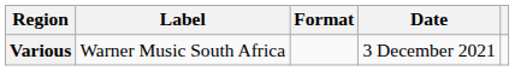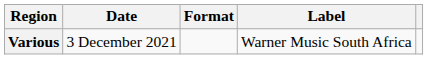 <table class="wikitable plainrowheaders">
 <tr>
 <th scope="col">Region</th>
+<th scope="col">Date</th>
+<th scope="col">Format</th>
 <th scope="col">Label</th>
-<th scope="col">Format</th>
-<th scope="col">Date</th>
 <th scope="col"></th>
 </tr>
 <tr>
 <th scope="row">Various</th>
+<td>3 December 2021</td>
+<td></td>
 <td>Warner Music South Africa</td>
-<td></td>
-<td>3 December 2021</td>
 <td></td>
 </tr>
 </table>
